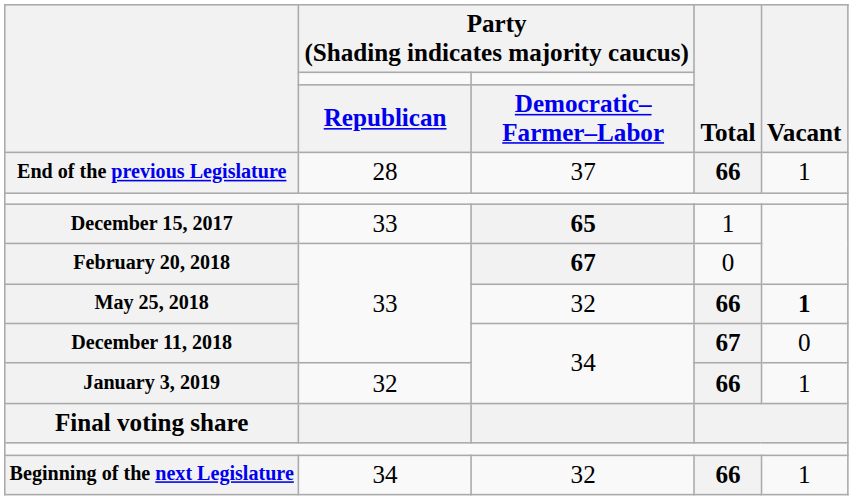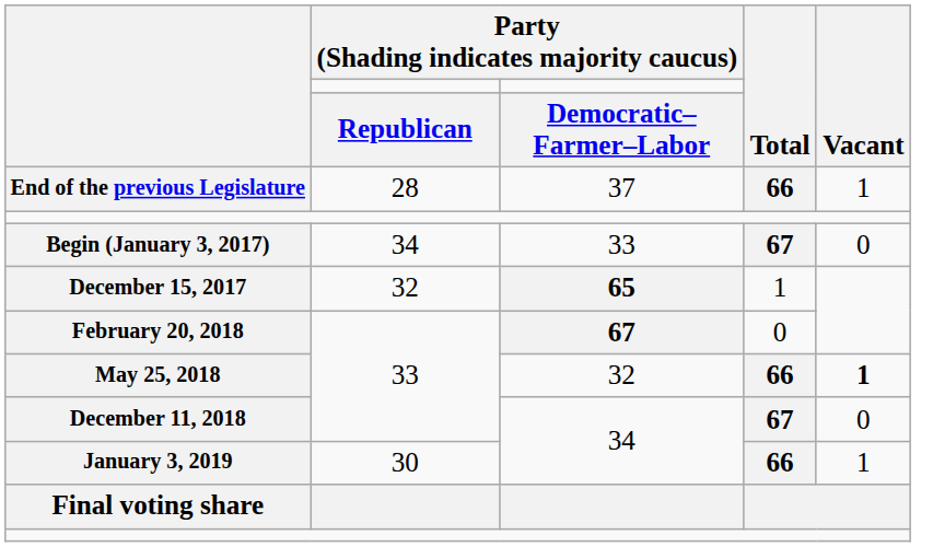 <table class=wikitable style="text-align:center">
 <tr style="vertical-align:bottom;">
 <th rowspan=3></th>
 <th colspan=2>Party <div>(Shading indicates majority caucus)</div></th>
 <th rowspan=3>Total</th>
 <th rowspan=3>Vacant</th>
 </tr>
 <tr>
 <td style="background-color:"></td>
 <td style="background-color:"></td>
 </tr>
 <tr>
 <th><a href='#'>Republican</a></th>
 <th><a href='#'>Democratic–<br>Farmer–Labor</a></th>
 </tr>
 <tr>
 <th nowrap style="font-size:80%">End of the <a href='#'>previous Legislature</a></th>
 <td>28</td>
 <td>37</td>
 <th>66</th>
 <td>1</td>
 </tr>
 <tr>
 <td colspan=5></td>
 </tr>
 <tr>
+<th nowrap style="font-size:80%">Begin (January 3, 2017)</th>
+<td>34</td>
+<td>33</td>
+<th>67</th>
+<td>0</td>
+</tr>
+<tr>
 <th nowrap style="font-size:80%">December 15, 2017</th>
-<td>33</td>
+<td>32</td>
 <th>65</th>
 <td>1</td>
 </tr>
 <tr>
 <th nowrap style="font-size:80%">February 20, 2018</th>
 <td rowspan="3">33</td>
 <th>67</th>
 <td>0</td>
 </tr>
 <tr>
 <th nowrap style="font-size:80%">May 25, 2018</th>
 <td>32</td>
 <th>66</th>
 <td><strong>1</strong></td>
 </tr>
 <tr>
 <th nowrap style="font-size:80%">December 11, 2018</th>
 <td rowspan="2" >34</td>
 <th>67</th>
 <td>0</td>
 </tr>
 <tr>
 <th nowrap style="font-size:80%">January 3, 2019</th>
-<td>32</td>
+<td>30</td>
 <th>66</th>
 <td>1</td>
 </tr>
 <tr>
 <th>Final voting share</th>
 <th></th>
 <th></th>
 <th colspan="2"></th>
 </tr>
 <tr>
 <td colspan="5"></td>
 </tr>
-<tr>
-<th nowrap style="font-size:80%">Beginning of the <a href='#'>next Legislature</a></th>
-<td>34</td>
-<td>32</td>
-<th>66</th>
-<td>1</td>
-</tr>
 </table>
